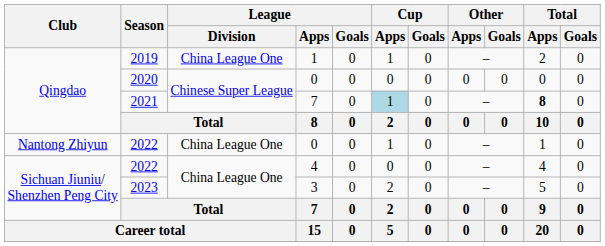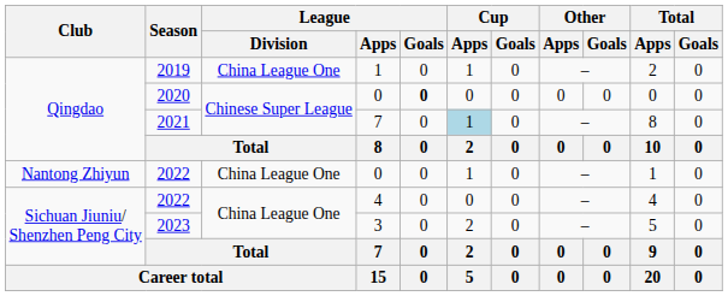 <table class="wikitable" style="text-align: center">
 <tr>
 <th rowspan="2">Club</th>
 <th rowspan="2">Season</th>
 <th colspan="3">League</th>
 <th colspan="2">Cup</th>
 <th colspan="2">Other</th>
 <th colspan="2">Total</th>
 </tr>
 <tr>
 <th>Division</th>
 <th>Apps</th>
 <th>Goals</th>
 <th>Apps</th>
 <th>Goals</th>
 <th>Apps</th>
 <th>Goals</th>
 <th>Apps</th>
 <th>Goals</th>
 </tr>
 <tr>
 <td rowspan="4"><a href='#'>Qingdao</a></td>
 <td><a href='#'>2019</a></td>
 <td><a href='#'>China League One</a></td>
 <td>1</td>
 <td>0</td>
 <td>1</td>
 <td>0</td>
 <td colspan="2">–</td>
 <td>2</td>
 <td>0</td>
 </tr>
 <tr>
 <td><a href='#'>2020</a></td>
 <td rowspan="2"><a href='#'>Chinese Super League</a></td>
 <td>0</td>
-<td>0</td>
+<td><strong>0</strong></td>
 <td>0</td>
 <td>0</td>
 <td>0</td>
 <td>0</td>
 <td>0</td>
 <td>0</td>
 </tr>
 <tr>
 <td><a href='#'>2021</a></td>
 <td>7</td>
 <td>0</td>
 <td style="background: lightblue;">1</td>
 <td>0</td>
 <td colspan="2">–</td>
-<td><strong>8</strong></td>
+<td>8</td>
 <td>0</td>
 </tr>
 <tr>
 <th colspan=2>Total</th>
 <th>8</th>
 <th>0</th>
 <th>2</th>
 <th>0</th>
 <th>0</th>
 <th>0</th>
 <th>10</th>
 <th>0</th>
 </tr>
 <tr>
 <td><a href='#'>Nantong Zhiyun</a></td>
 <td><a href='#'>2022</a></td>
 <td>China League One</td>
 <td>0</td>
 <td>0</td>
 <td>1</td>
 <td>0</td>
 <td colspan="2">–</td>
 <td>1</td>
 <td>0</td>
 </tr>
 <tr>
 <td rowspan="3"><a href='#'>Sichuan Jiuniu</a>/<br><a href='#'>Shenzhen Peng City</a></td>
 <td><a href='#'>2022</a></td>
 <td rowspan="2">China League One</td>
 <td>4</td>
 <td>0</td>
 <td>0</td>
 <td>0</td>
 <td colspan="2">–</td>
 <td>4</td>
 <td>0</td>
 </tr>
 <tr>
 <td><a href='#'>2023</a></td>
 <td>3</td>
 <td>0</td>
 <td>2</td>
 <td>0</td>
 <td colspan="2">–</td>
 <td>5</td>
 <td>0</td>
 </tr>
 <tr>
 <th colspan=2>Total</th>
 <th>7</th>
 <th>0</th>
 <th>2</th>
 <th>0</th>
 <th>0</th>
 <th>0</th>
 <th>9</th>
 <th>0</th>
 </tr>
 <tr>
 <th colspan=3>Career total</th>
 <th>15</th>
 <th>0</th>
 <th>5</th>
 <th>0</th>
 <th>0</th>
 <th>0</th>
 <th>20</th>
 <th>0</th>
 </tr>
 </table>
